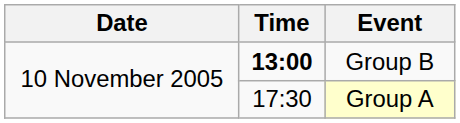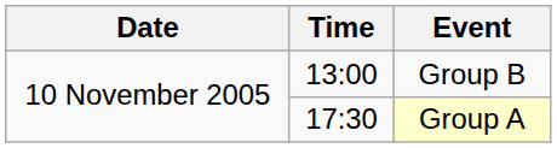 <table class = "wikitable" style="text-align:center;">
 <tr>
 <th width=150>Date</th>
 <th width=50>Time</th>
 <th width=80>Event</th>
 </tr>
 <tr>
 <td rowspan=2>10 November 2005</td>
-<td><strong>13:00</strong></td>
+<td>13:00</td>
 <td>Group B</td>
 </tr>
 <tr>
 <td>17:30</td>
 <td bgcolor=ffffcc>Group A</td>
 </tr>
 </table>
